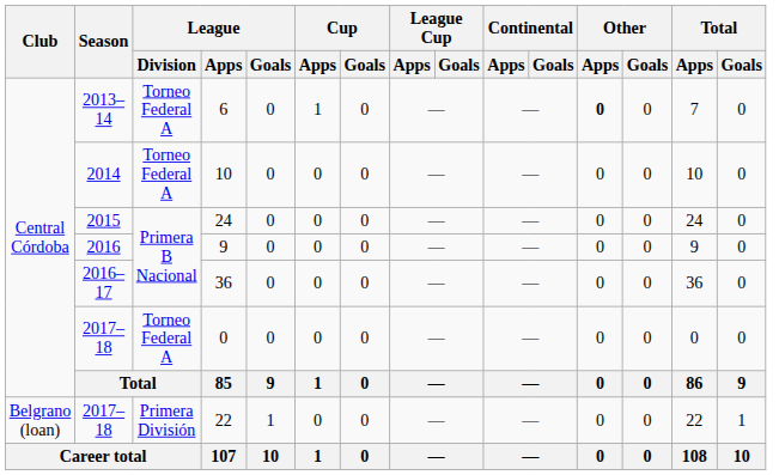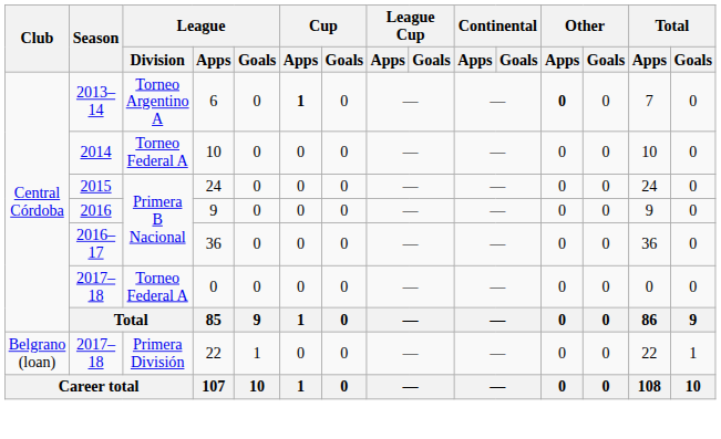 <table class="wikitable" style="text-align:center">
 <tr>
 <th rowspan="2">Club</th>
 <th rowspan="2">Season</th>
 <th colspan="3">League</th>
 <th colspan="2">Cup</th>
 <th colspan="2">League Cup</th>
 <th colspan="2">Continental</th>
 <th colspan="2">Other</th>
 <th colspan="2">Total</th>
 </tr>
 <tr>
 <th>Division</th>
 <th>Apps</th>
 <th>Goals</th>
 <th>Apps</th>
 <th>Goals</th>
 <th>Apps</th>
 <th>Goals</th>
 <th>Apps</th>
 <th>Goals</th>
 <th>Apps</th>
 <th>Goals</th>
 <th>Apps</th>
 <th>Goals</th>
 </tr>
 <tr>
 <td rowspan="7"><a href='#'>Central Córdoba</a></td>
 <td><a href='#'>2013–14</a></td>
-<td rowspan="1"><a href='#'>Torneo Federal A</a></td>
+<td rowspan="1"><a href='#'>Torneo Argentino A</a></td>
 <td>6</td>
 <td>0</td>
-<td>1</td>
+<td><strong>1</strong></td>
 <td>0</td>
 <td colspan="2">—</td>
 <td colspan="2">—</td>
 <td><strong>0</strong></td>
 <td>0</td>
 <td>7</td>
 <td>0</td>
 </tr>
 <tr>
 <td><a href='#'>2014</a></td>
 <td rowspan="1"><a href='#'>Torneo Federal A</a></td>
 <td>10</td>
 <td>0</td>
 <td>0</td>
 <td>0</td>
 <td colspan="2">—</td>
 <td colspan="2">—</td>
 <td>0</td>
 <td>0</td>
 <td>10</td>
 <td>0</td>
 </tr>
 <tr>
 <td><a href='#'>2015</a></td>
 <td rowspan="3"><a href='#'>Primera B Nacional</a></td>
 <td>24</td>
 <td>0</td>
 <td>0</td>
 <td>0</td>
 <td colspan="2">—</td>
 <td colspan="2">—</td>
 <td>0</td>
 <td>0</td>
 <td>24</td>
 <td>0</td>
 </tr>
 <tr>
 <td><a href='#'>2016</a></td>
 <td>9</td>
 <td>0</td>
 <td>0</td>
 <td>0</td>
 <td colspan="2">—</td>
 <td colspan="2">—</td>
 <td>0</td>
 <td>0</td>
 <td>9</td>
 <td>0</td>
 </tr>
 <tr>
 <td><a href='#'>2016–17</a></td>
 <td>36</td>
 <td>0</td>
 <td>0</td>
 <td>0</td>
 <td colspan="2">—</td>
 <td colspan="2">—</td>
 <td>0</td>
 <td>0</td>
 <td>36</td>
 <td>0</td>
 </tr>
 <tr>
 <td><a href='#'>2017–18</a></td>
 <td rowspan="1"><a href='#'>Torneo Federal A</a></td>
 <td>0</td>
 <td>0</td>
 <td>0</td>
 <td>0</td>
 <td colspan="2">—</td>
 <td colspan="2">—</td>
 <td>0</td>
 <td>0</td>
 <td>0</td>
 <td>0</td>
 </tr>
 <tr>
 <th colspan="2">Total</th>
 <th>85</th>
 <th>9</th>
 <th>1</th>
 <th>0</th>
 <th colspan="2">—</th>
 <th colspan="2">—</th>
 <th>0</th>
 <th>0</th>
 <th>86</th>
 <th>9</th>
 </tr>
 <tr>
 <td rowspan="1"><a href='#'>Belgrano</a> (loan)</td>
 <td><a href='#'>2017–18</a></td>
 <td rowspan="1"><a href='#'>Primera División</a></td>
 <td>22</td>
 <td>1</td>
 <td>0</td>
 <td>0</td>
 <td colspan="2">—</td>
 <td colspan="2">—</td>
 <td>0</td>
 <td>0</td>
 <td>22</td>
 <td>1</td>
 </tr>
 <tr>
 <th colspan="3">Career total</th>
 <th>107</th>
 <th>10</th>
 <th>1</th>
 <th>0</th>
 <th colspan="2">—</th>
 <th colspan="2">—</th>
 <th>0</th>
 <th>0</th>
 <th>108</th>
 <th>10</th>
 </tr>
 </table>
